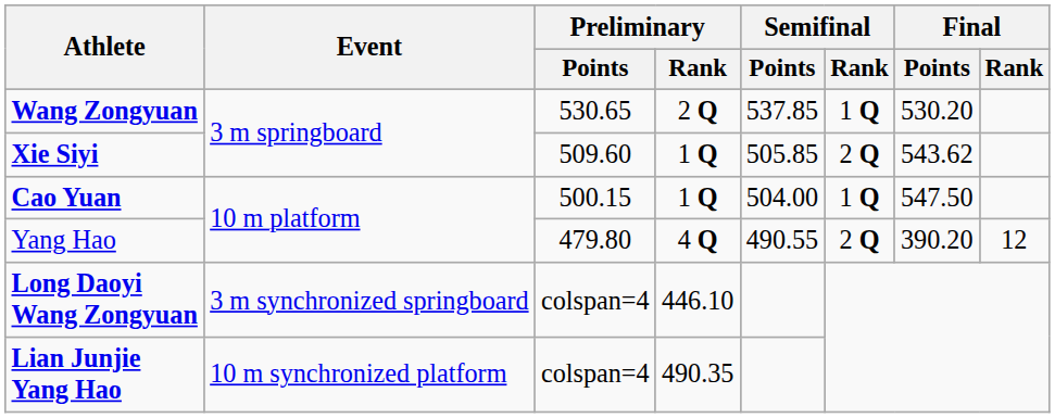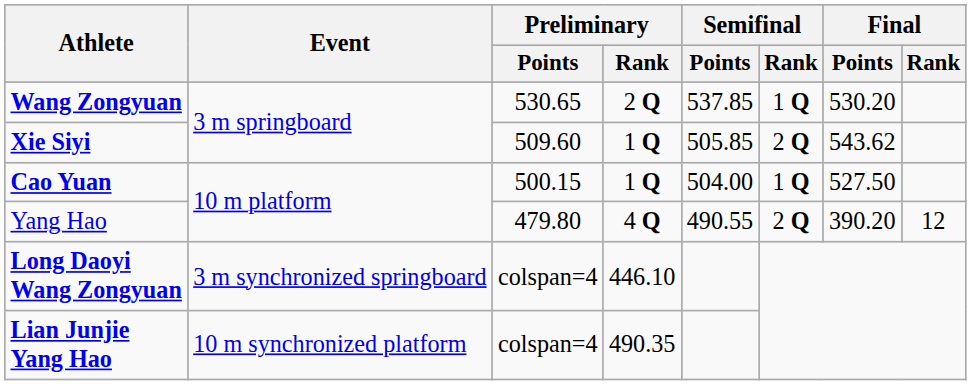 <table class=wikitable style="font-size:90%">
 <tr>
 <th rowspan="2">Athlete</th>
 <th rowspan="2">Event</th>
 <th colspan="2">Preliminary</th>
 <th colspan="2">Semifinal</th>
 <th colspan="2">Final</th>
 </tr>
 <tr style="font-size:95%">
 <th>Points</th>
 <th>Rank</th>
 <th>Points</th>
 <th>Rank</th>
 <th>Points</th>
 <th>Rank</th>
 </tr>
 <tr align=center>
 <td align=left><strong><a href='#'>Wang Zongyuan</a></strong></td>
 <td align=left rowspan=2><a href='#'>3 m springboard</a></td>
 <td>530.65</td>
 <td>2 <strong>Q</strong></td>
 <td>537.85</td>
 <td>1 <strong>Q</strong></td>
 <td>530.20</td>
 <td></td>
 </tr>
 <tr align=center>
 <td align=left><strong><a href='#'>Xie Siyi</a></strong></td>
 <td>509.60</td>
 <td>1 <strong>Q</strong></td>
 <td>505.85</td>
 <td>2 <strong>Q</strong></td>
 <td>543.62</td>
 <td></td>
 </tr>
 <tr align=center>
 <td align=left><strong><a href='#'>Cao Yuan</a></strong></td>
 <td align=left rowspan=2><a href='#'>10 m platform</a></td>
 <td>500.15</td>
 <td>1 <strong>Q</strong></td>
 <td>504.00</td>
 <td>1 <strong>Q</strong></td>
-<td>547.50</td>
+<td>527.50</td>
 <td></td>
 </tr>
 <tr align=center>
 <td align=left><a href='#'>Yang Hao</a></td>
 <td>479.80</td>
 <td>4 <strong>Q</strong></td>
 <td>490.55</td>
 <td>2 <strong>Q</strong></td>
 <td>390.20</td>
 <td>12</td>
 </tr>
 <tr align=center>
 <td align=left><strong><a href='#'>Long Daoyi</a><br><a href='#'>Wang Zongyuan</a></strong></td>
 <td align=left><a href='#'>3 m synchronized springboard</a></td>
 <td>colspan=4 </td>
 <td>446.10</td>
 <td></td>
 </tr>
 <tr align=center>
 <td align=left><strong><a href='#'>Lian Junjie</a><br><a href='#'>Yang Hao</a></strong></td>
 <td align=left><a href='#'>10 m synchronized platform</a></td>
 <td>colspan=4 </td>
 <td>490.35</td>
 <td></td>
 </tr>
 </table>
